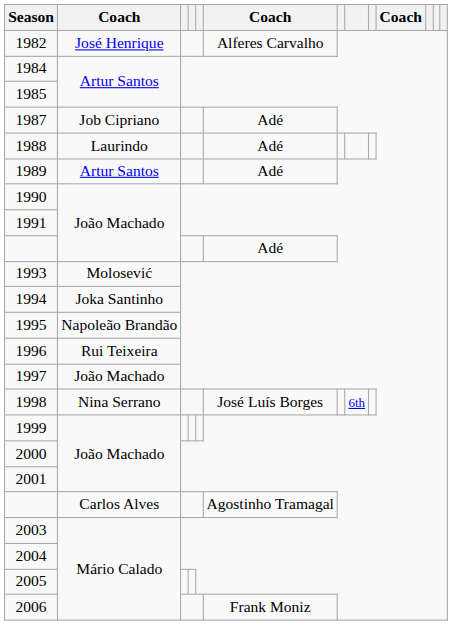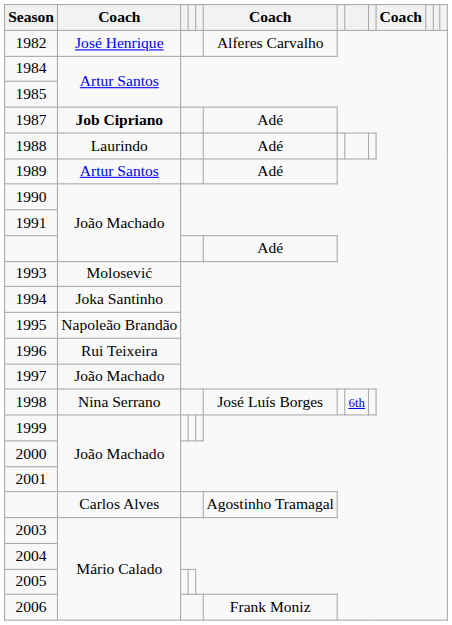 <table class="wikitable" style="text-align:center; font-size:90%">
 <tr>
 <th>Season</th>
 <th>Coach</th>
 <th></th>
 <th></th>
 <th></th>
 <th>Coach</th>
 <th></th>
 <th></th>
 <th></th>
 <th>Coach</th>
 <th></th>
 <th></th>
 <th></th>
 </tr>
 <tr>
 <td>1982</td>
 <td> <a href='#'>José Henrique</a></td>
 <td colspan=3></td>
 <td> Alferes Carvalho</td>
 </tr>
 <tr>
 <td>1984</td>
 <td rowspan=2> <a href='#'>Artur Santos</a></td>
 </tr>
 <tr>
 <td>1985</td>
 </tr>
 <tr>
 <td>1987</td>
-<td> Job Cipriano</td>
+<td><strong> Job Cipriano</strong></td>
 <td colspan=3></td>
 <td> Adé</td>
 </tr>
 <tr>
 <td>1988</td>
 <td> Laurindo</td>
 <td colspan=3></td>
 <td> Adé</td>
 <td></td>
 <td></td>
 <td></td>
 </tr>
 <tr>
 <td>1989</td>
 <td> <a href='#'>Artur Santos</a></td>
 <td colspan=3></td>
 <td> Adé</td>
 </tr>
 <tr>
 <td>1990</td>
 <td rowspan=3> João Machado</td>
 </tr>
 <tr>
 <td>1991</td>
 </tr>
 <tr>
 <td></td>
 <td colspan=3></td>
 <td> Adé</td>
 </tr>
 <tr>
 <td>1993</td>
 <td> Molosević</td>
 </tr>
 <tr>
 <td>1994</td>
 <td> Joka Santinho</td>
 </tr>
 <tr>
 <td>1995</td>
 <td> Napoleão Brandão</td>
 </tr>
 <tr>
 <td>1996</td>
 <td> Rui Teixeira</td>
 </tr>
 <tr>
 <td>1997</td>
 <td> João Machado</td>
 </tr>
 <tr>
 <td>1998</td>
 <td> Nina Serrano</td>
 <td colspan=3></td>
 <td> José Luís Borges</td>
 <td></td>
 <td><small><a href='#'>6th</a></small></td>
 <td></td>
 </tr>
 <tr>
 <td>1999</td>
 <td rowspan=3> João Machado</td>
 <td></td>
 <td></td>
 <td></td>
 </tr>
 <tr>
 <td>2000</td>
 </tr>
 <tr>
 <td>2001</td>
 </tr>
 <tr>
 <td></td>
 <td> Carlos Alves</td>
 <td colspan=3></td>
 <td> Agostinho Tramagal</td>
 </tr>
 <tr>
 <td>2003</td>
 <td rowspan=4> Mário Calado</td>
 </tr>
 <tr>
 <td>2004</td>
 </tr>
 <tr>
 <td>2005</td>
 <td></td>
 <td></td>
 </tr>
 <tr>
 <td>2006</td>
 <td colspan=3></td>
 <td> Frank Moniz</td>
 </tr>
 </table>
